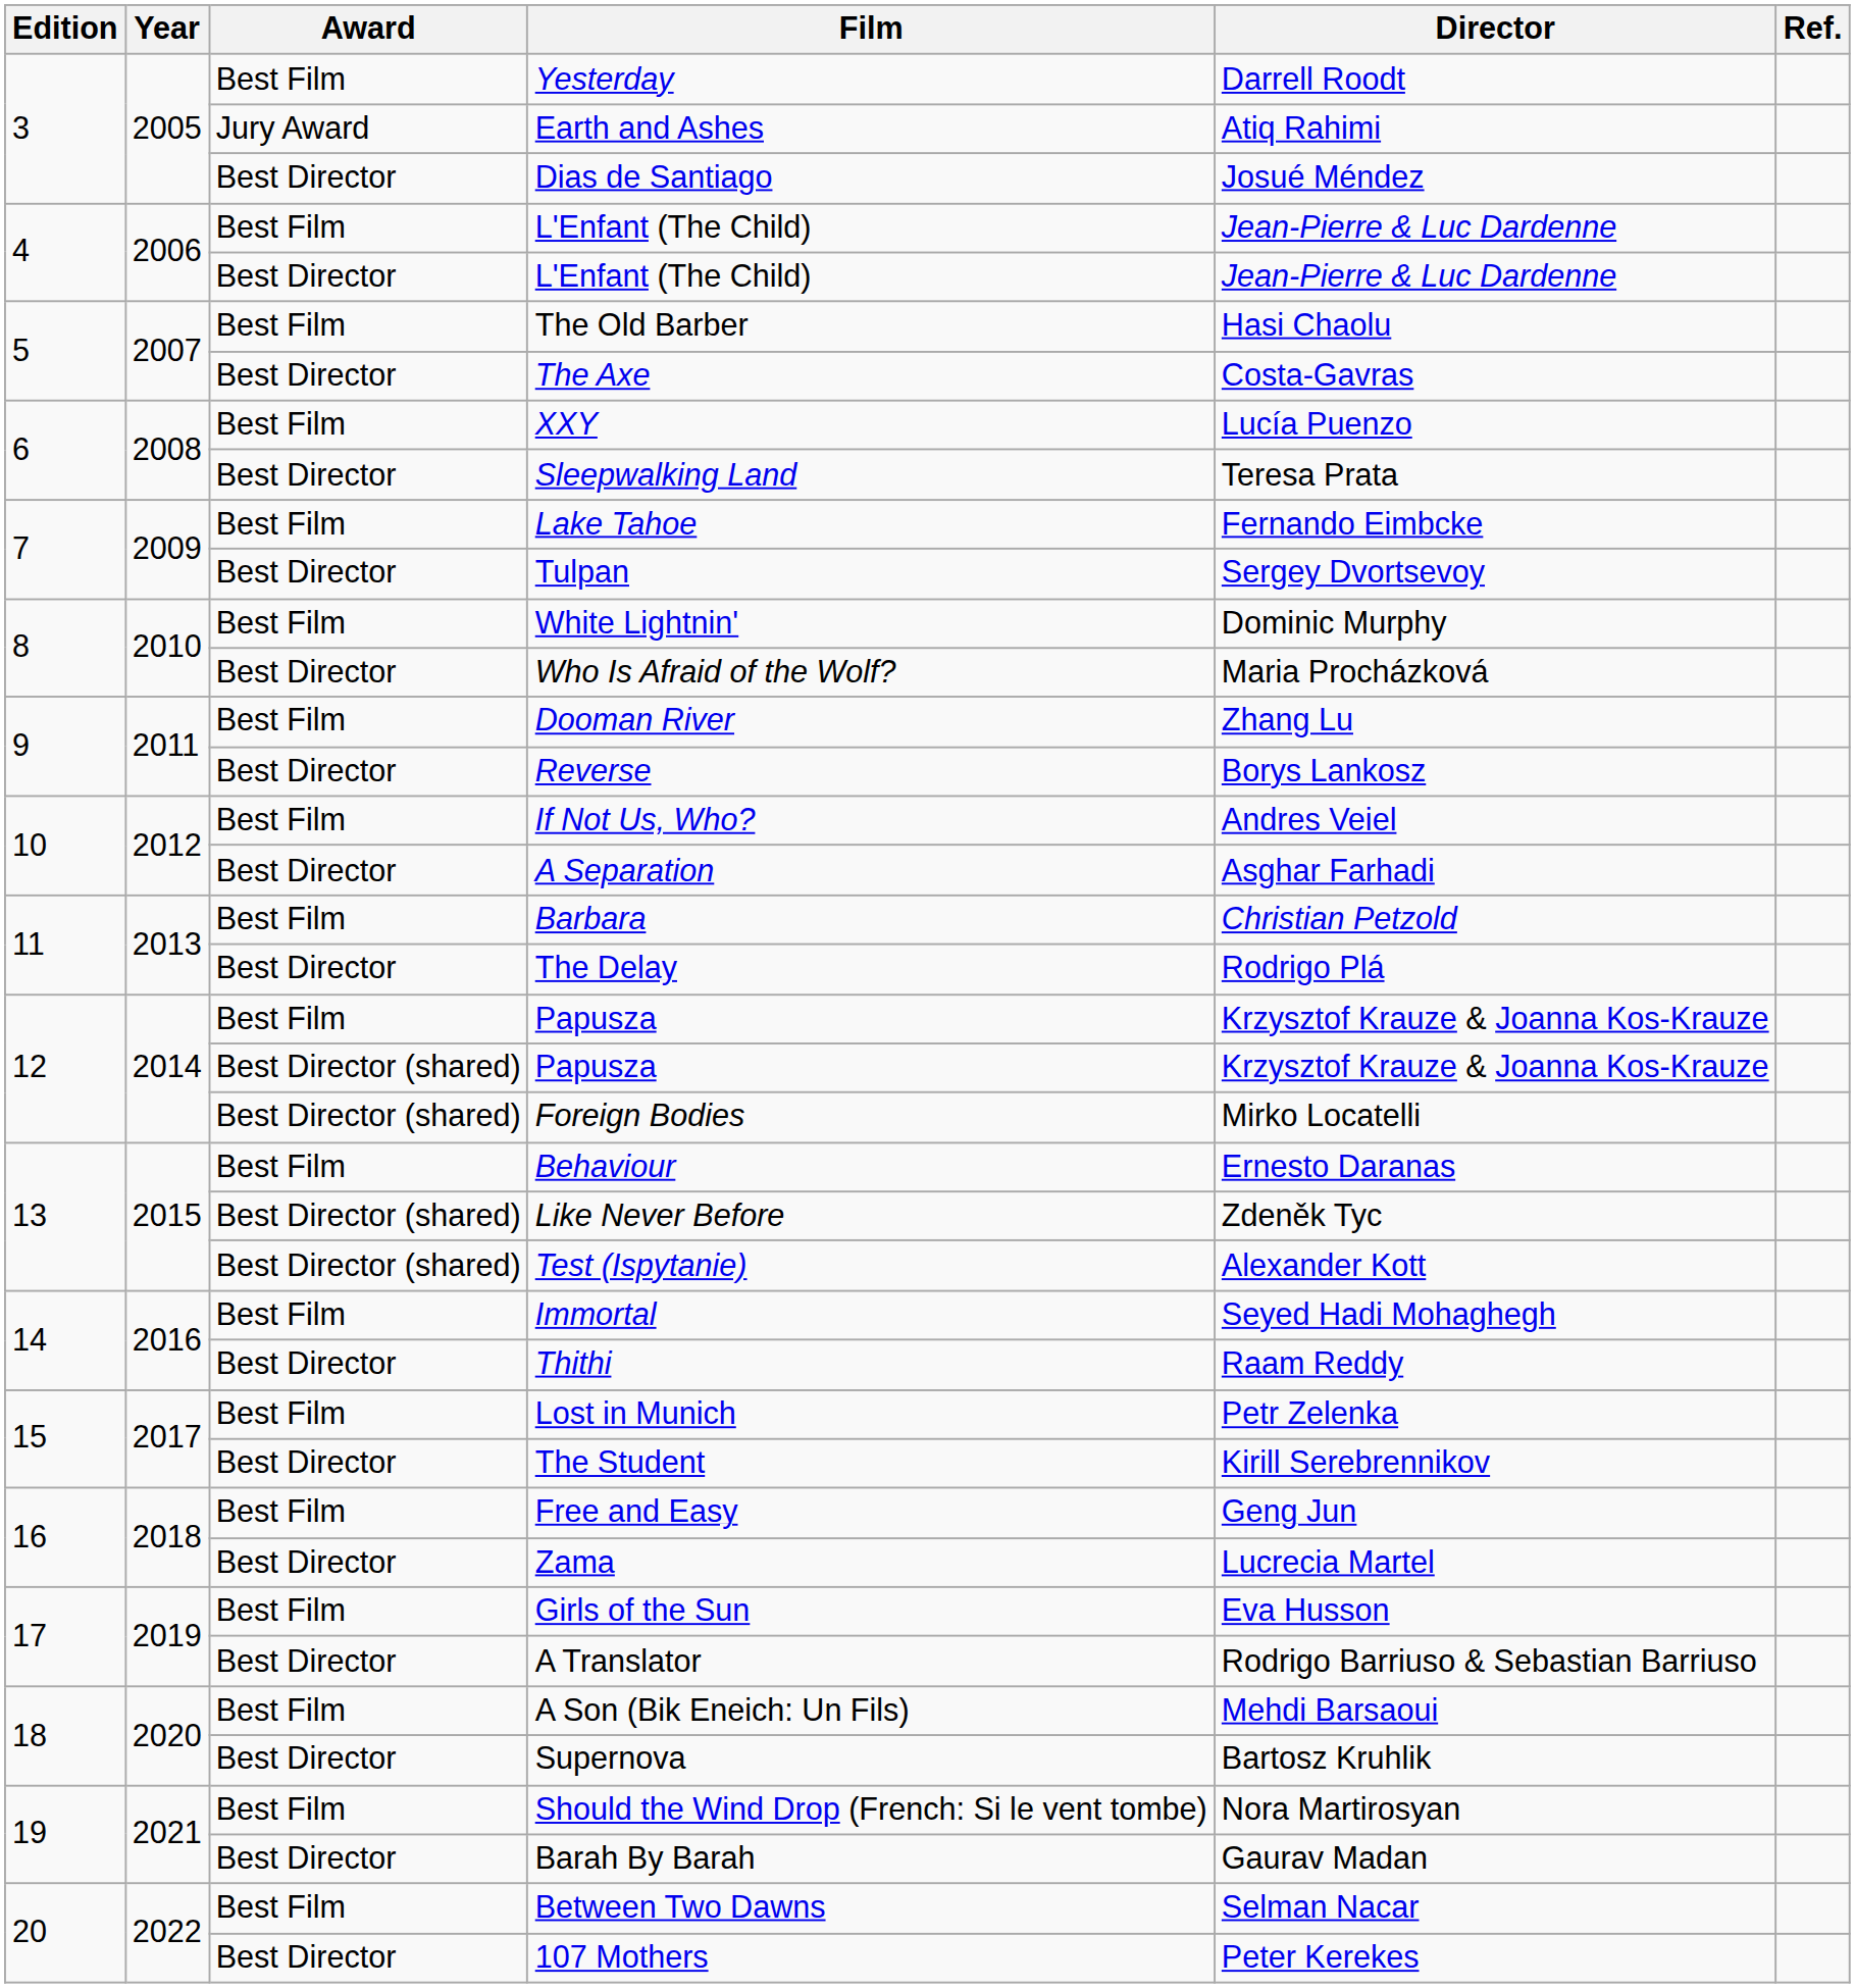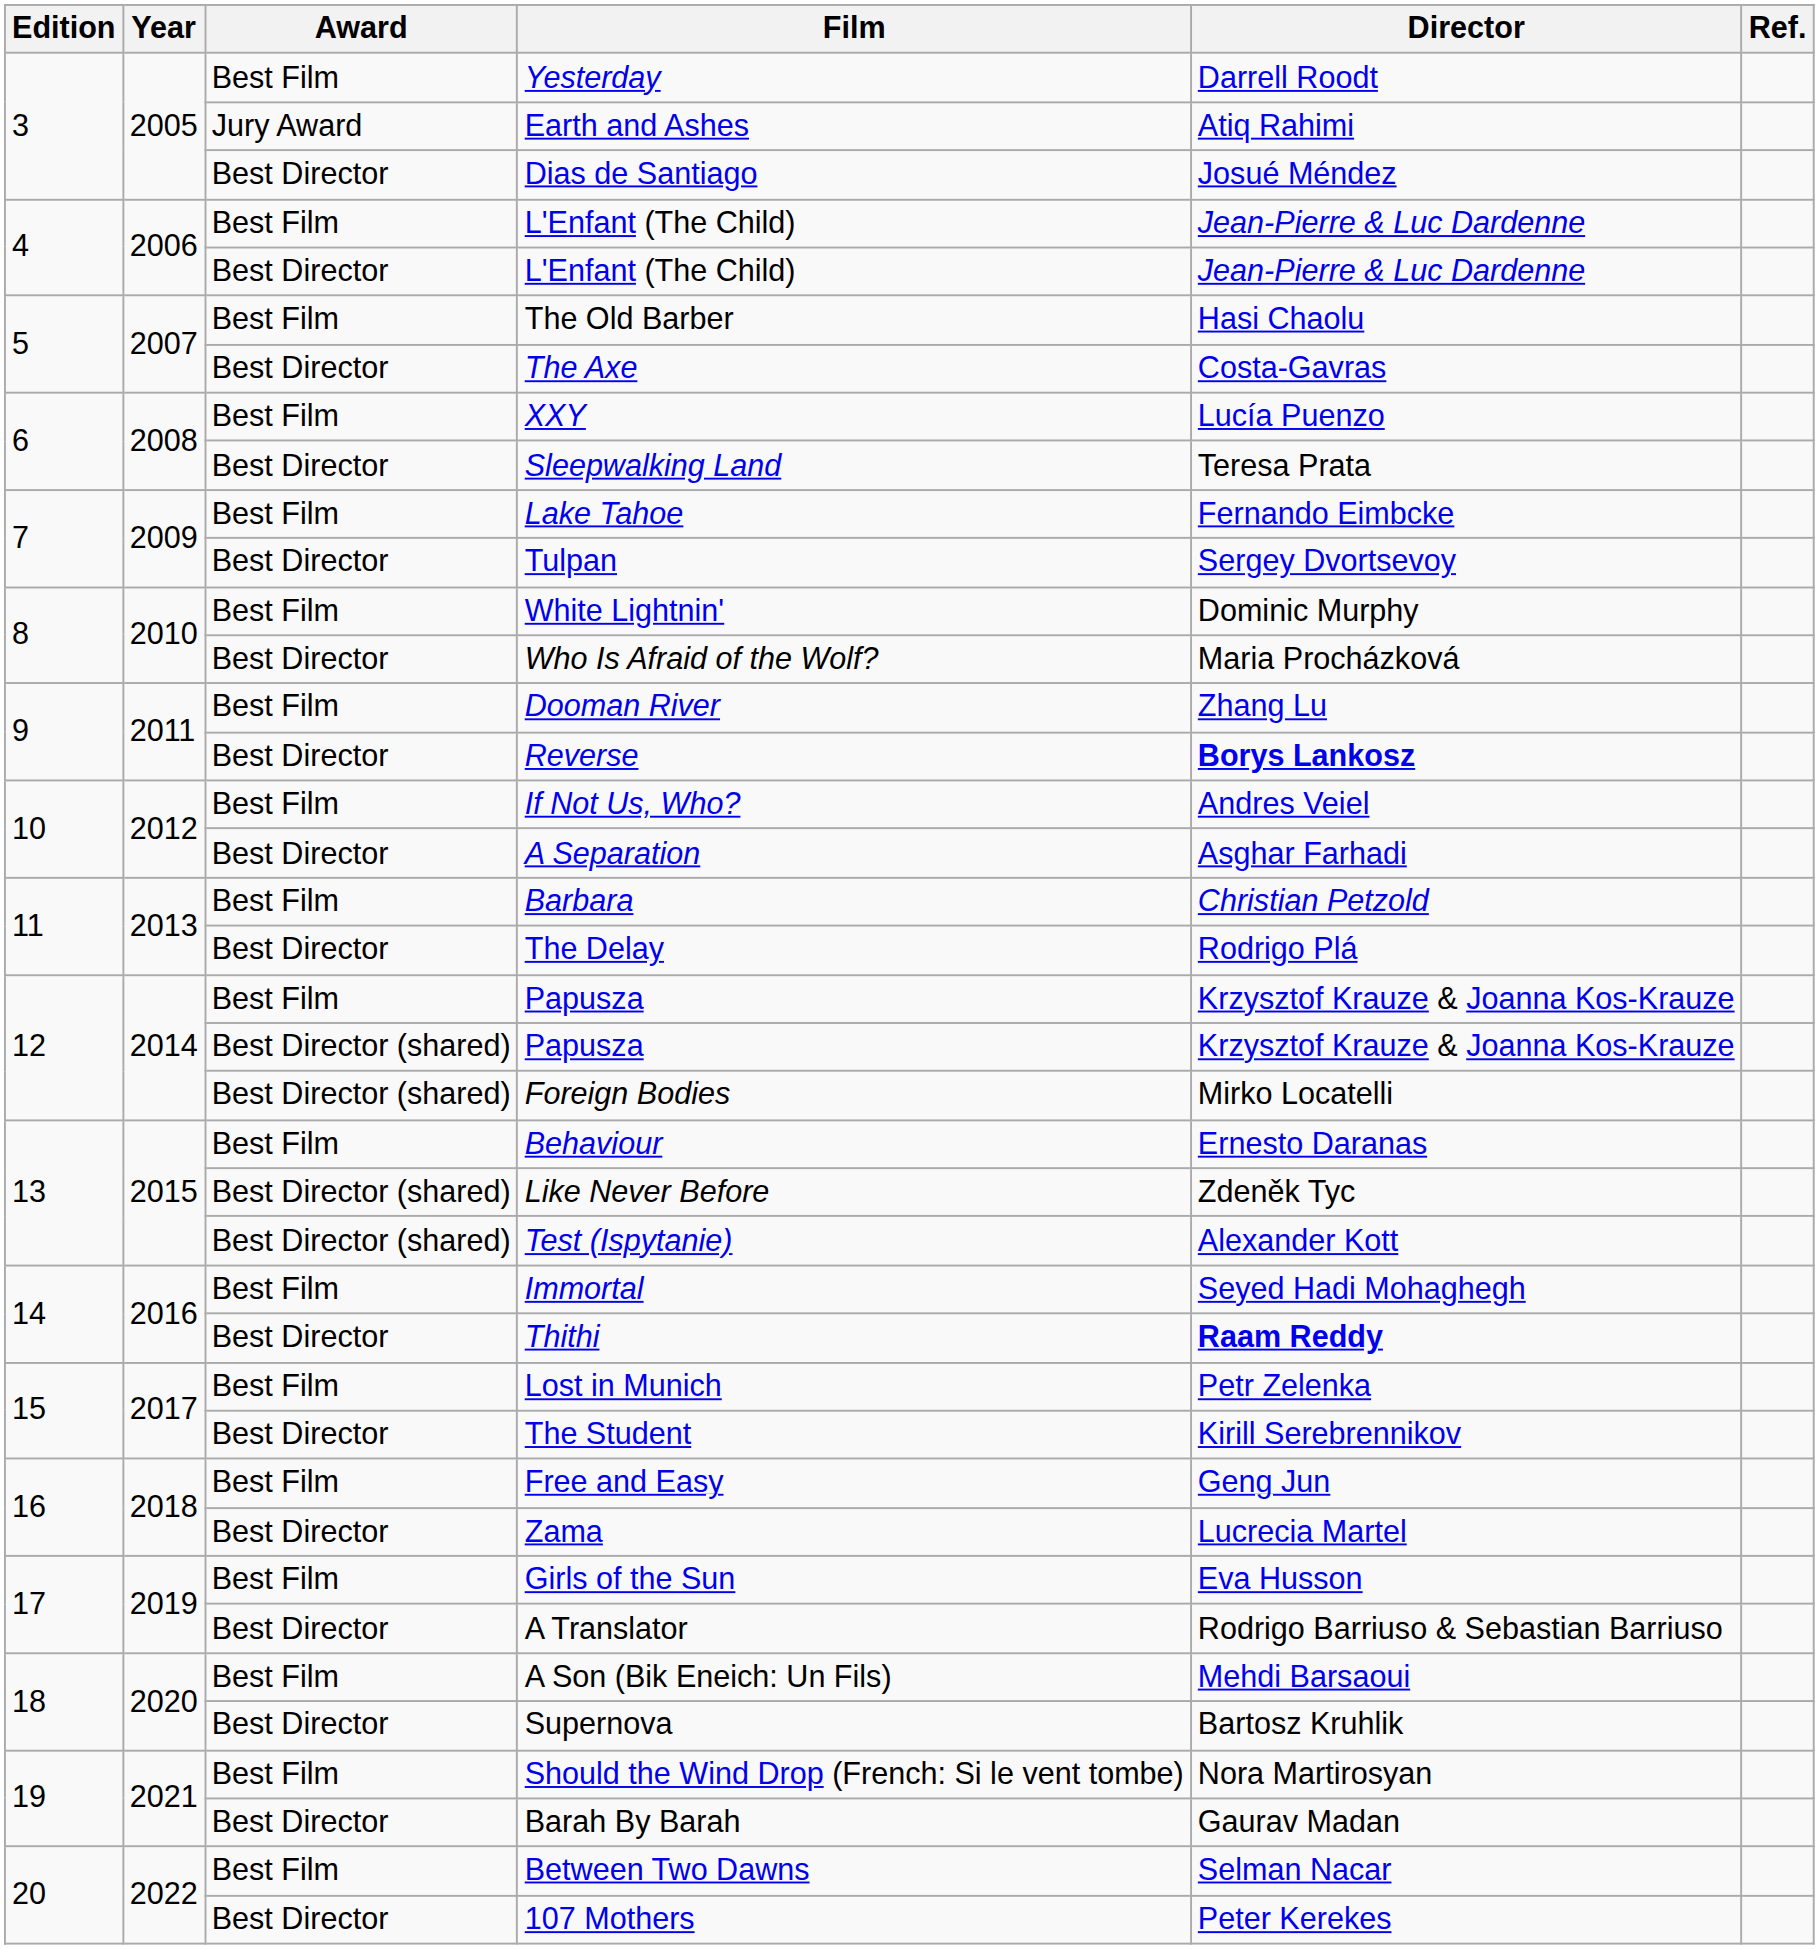 <table class="wikitable sortable">
 <tr>
 <th>Edition</th>
 <th>Year</th>
 <th>Award</th>
 <th>Film</th>
 <th>Director</th>
 <th>Ref.</th>
 </tr>
 <tr>
 <td rowspan="3">3</td>
 <td rowspan="3">2005</td>
 <td>Best Film</td>
 <td><em><a href='#'>Yesterday</a></em></td>
 <td><a href='#'>Darrell Roodt</a></td>
 <td></td>
 </tr>
 <tr>
 <td>Jury Award</td>
 <td><a href='#'>Earth and Ashes</a></td>
 <td><a href='#'>Atiq Rahimi</a></td>
 <td></td>
 </tr>
 <tr>
 <td>Best Director</td>
 <td><a href='#'>Dias de Santiago</a></td>
 <td><a href='#'>Josué Méndez</a></td>
 <td></td>
 </tr>
 <tr>
 <td rowspan="2">4</td>
 <td rowspan="2">2006</td>
 <td>Best Film</td>
 <td><a href='#'>L'Enfant</a> (The Child)</td>
 <td><em><a href='#'>Jean-Pierre & Luc Dardenne</a></em></td>
 <td></td>
 </tr>
 <tr>
 <td>Best Director</td>
 <td><a href='#'>L'Enfant</a> (The Child)</td>
 <td><em><a href='#'>Jean-Pierre & Luc Dardenne</a></em></td>
 <td></td>
 </tr>
 <tr>
 <td rowspan="2">5</td>
 <td rowspan="2">2007</td>
 <td>Best Film</td>
 <td>The Old Barber</td>
 <td><a href='#'>Hasi Chaolu</a></td>
 <td></td>
 </tr>
 <tr>
 <td>Best Director</td>
 <td><em><a href='#'>The Axe</a></em></td>
 <td><a href='#'>Costa-Gavras</a></td>
 <td></td>
 </tr>
 <tr>
 <td rowspan="2">6</td>
 <td rowspan="2">2008</td>
 <td>Best Film</td>
 <td><em><a href='#'>XXY</a></em></td>
 <td><a href='#'>Lucía Puenzo</a></td>
 <td></td>
 </tr>
 <tr>
 <td>Best Director</td>
 <td><em><a href='#'>Sleepwalking Land</a></em></td>
 <td>Teresa Prata</td>
 <td></td>
 </tr>
 <tr>
 <td rowspan="2">7</td>
 <td rowspan="2">2009</td>
 <td>Best Film</td>
 <td><em><a href='#'>Lake Tahoe</a></em></td>
 <td><a href='#'>Fernando Eimbcke</a></td>
 <td></td>
 </tr>
 <tr>
 <td>Best Director</td>
 <td><a href='#'>Tulpan</a></td>
 <td><a href='#'>Sergey Dvortsevoy</a></td>
 <td></td>
 </tr>
 <tr>
 <td rowspan="2">8</td>
 <td rowspan="2">2010</td>
 <td>Best Film</td>
 <td><a href='#'>White Lightnin'</a></td>
 <td>Dominic Murphy</td>
 <td></td>
 </tr>
 <tr>
 <td>Best Director</td>
 <td><em>Who Is Afraid of the Wolf?</em></td>
 <td>Maria Procházková</td>
 <td></td>
 </tr>
 <tr>
 <td rowspan="2">9</td>
 <td rowspan="2">2011</td>
 <td>Best Film</td>
 <td><em><a href='#'>Dooman River</a></em></td>
 <td><a href='#'>Zhang Lu</a></td>
 <td></td>
 </tr>
 <tr>
 <td>Best Director</td>
 <td><em><a href='#'>Reverse</a></em></td>
-<td><a href='#'>Borys Lankosz</a></td>
+<td><strong><a href='#'>Borys Lankosz</a></strong></td>
 <td></td>
 </tr>
 <tr>
 <td rowspan="2">10</td>
 <td rowspan="2">2012</td>
 <td>Best Film</td>
 <td><em><a href='#'>If Not Us, Who?</a></em></td>
 <td><a href='#'>Andres Veiel</a></td>
 <td></td>
 </tr>
 <tr>
 <td>Best Director</td>
 <td><em><a href='#'>A Separation</a></em></td>
 <td><a href='#'>Asghar Farhadi</a></td>
 <td></td>
 </tr>
 <tr>
 <td rowspan="2">11</td>
 <td rowspan="2">2013</td>
 <td>Best Film</td>
 <td><em><a href='#'>Barbara</a></em></td>
 <td><em><a href='#'>Christian Petzold</a></em></td>
 <td></td>
 </tr>
 <tr>
 <td>Best Director</td>
 <td><a href='#'>The Delay</a></td>
 <td><a href='#'>Rodrigo Plá</a></td>
 <td></td>
 </tr>
 <tr>
 <td rowspan="3">12</td>
 <td rowspan="3">2014</td>
 <td>Best Film</td>
 <td><a href='#'>Papusza</a></td>
 <td><a href='#'>Krzysztof Krauze</a> & <a href='#'>Joanna Kos-Krauze</a></td>
 <td></td>
 </tr>
 <tr>
 <td>Best Director (shared)</td>
 <td><a href='#'>Papusza</a></td>
 <td><a href='#'>Krzysztof Krauze</a> & <a href='#'>Joanna Kos-Krauze</a></td>
 <td></td>
 </tr>
 <tr>
 <td>Best Director (shared)</td>
 <td><em>Foreign Bodies</em></td>
 <td>Mirko Locatelli</td>
 <td></td>
 </tr>
 <tr>
 <td rowspan="3">13</td>
 <td rowspan="3">2015</td>
 <td>Best Film</td>
 <td><em><a href='#'>Behaviour</a></em></td>
 <td><a href='#'>Ernesto Daranas</a></td>
 <td></td>
 </tr>
 <tr>
 <td>Best Director (shared)</td>
 <td><em>Like Never Before</em></td>
 <td>Zdeněk Tyc</td>
 <td></td>
 </tr>
 <tr>
 <td>Best Director (shared)</td>
 <td><em><a href='#'>Test (Ispytanie)</a></em></td>
 <td><a href='#'>Alexander Kott</a></td>
 <td></td>
 </tr>
 <tr>
 <td rowspan="2">14</td>
 <td rowspan="2">2016</td>
 <td>Best Film</td>
 <td><em><a href='#'>Immortal</a></em></td>
 <td><a href='#'>Seyed Hadi Mohaghegh</a></td>
 <td></td>
 </tr>
 <tr>
 <td>Best Director</td>
 <td><em><a href='#'>Thithi</a></em></td>
-<td><a href='#'>Raam Reddy</a></td>
+<td><strong><a href='#'>Raam Reddy</a></strong></td>
 <td></td>
 </tr>
 <tr>
 <td rowspan="2">15</td>
 <td rowspan="2">2017</td>
 <td>Best Film</td>
 <td><a href='#'>Lost in Munich</a></td>
 <td><a href='#'>Petr Zelenka</a></td>
 <td></td>
 </tr>
 <tr>
 <td>Best Director</td>
 <td><a href='#'>The Student</a></td>
 <td><a href='#'>Kirill Serebrennikov</a></td>
 <td></td>
 </tr>
 <tr>
 <td rowspan="2">16</td>
 <td rowspan="2">2018</td>
 <td>Best Film</td>
 <td><a href='#'>Free and Easy</a></td>
 <td><a href='#'>Geng Jun</a></td>
 <td></td>
 </tr>
 <tr>
 <td>Best Director</td>
 <td><a href='#'>Zama</a></td>
 <td><a href='#'>Lucrecia Martel</a></td>
 <td></td>
 </tr>
 <tr>
 <td rowspan="2">17</td>
 <td rowspan="2">2019</td>
 <td>Best Film</td>
 <td><a href='#'>Girls of the Sun</a></td>
 <td><a href='#'>Eva Husson</a></td>
 <td></td>
 </tr>
 <tr>
 <td>Best Director</td>
 <td>A Translator</td>
 <td>Rodrigo Barriuso & Sebastian Barriuso</td>
 <td></td>
 </tr>
 <tr>
 <td rowspan="2">18</td>
 <td rowspan="2">2020</td>
 <td>Best Film</td>
 <td>A Son (Bik Eneich: Un Fils)</td>
 <td><a href='#'>Mehdi Barsaoui</a></td>
 <td></td>
 </tr>
 <tr>
 <td>Best Director</td>
 <td>Supernova</td>
 <td>Bartosz Kruhlik</td>
 <td></td>
 </tr>
 <tr>
 <td rowspan="2">19</td>
 <td rowspan="2">2021</td>
 <td>Best Film</td>
 <td><a href='#'>Should the Wind Drop</a> (French: Si le vent tombe)</td>
 <td>Nora Martirosyan</td>
 <td></td>
 </tr>
 <tr>
 <td>Best Director</td>
 <td>Barah By Barah</td>
 <td>Gaurav Madan</td>
 <td></td>
 </tr>
 <tr>
 <td rowspan="2">20</td>
 <td rowspan="2">2022</td>
 <td>Best Film</td>
 <td><a href='#'>Between Two Dawns</a></td>
 <td><a href='#'>Selman Nacar</a></td>
 <td></td>
 </tr>
 <tr>
 <td>Best Director</td>
 <td><a href='#'>107 Mothers</a></td>
 <td><a href='#'>Peter Kerekes</a></td>
 <td></td>
 </tr>
 </table>
